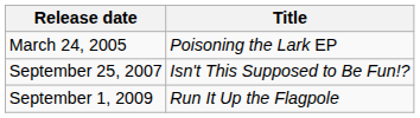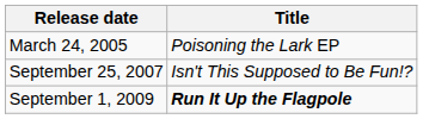 <table class="wikitable">
 <tr>
 <th>Release date</th>
 <th>Title</th>
 </tr>
 <tr>
 <td>March 24, 2005</td>
 <td><em>Poisoning the Lark</em> EP</td>
 </tr>
 <tr>
 <td>September 25, 2007</td>
 <td><em>Isn't This Supposed to Be Fun!?</em></td>
 </tr>
 <tr>
 <td>September 1, 2009</td>
-<td><em>Run It Up the Flagpole</em></td>
+<td><strong><em>Run It Up the Flagpole</em></strong></td>
 </tr>
 </table>
